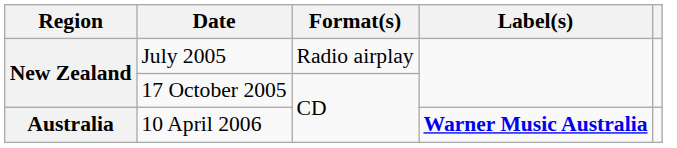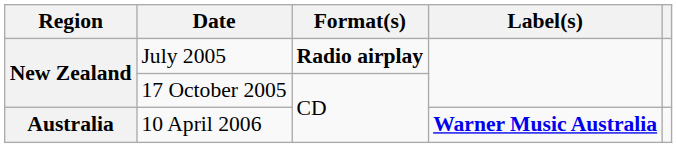 <table class="wikitable plainrowheaders">
 <tr>
 <th scope="col">Region</th>
 <th scope="col">Date</th>
 <th scope="col">Format(s)</th>
 <th scope="col">Label(s)</th>
 <th scope="col"></th>
 </tr>
 <tr>
 <th scope="row" rowspan="2">New Zealand</th>
 <td>July 2005</td>
-<td>Radio airplay</td>
+<td><strong>Radio airplay</strong></td>
 <td rowspan="2"></td>
 <td rowspan="2"></td>
 </tr>
 <tr>
 <td>17 October 2005</td>
 <td rowspan="2">CD</td>
 </tr>
 <tr>
 <th scope="row">Australia</th>
 <td>10 April 2006</td>
 <td><strong><a href='#'>Warner Music Australia</a></strong></td>
 <td></td>
 </tr>
 </table>
